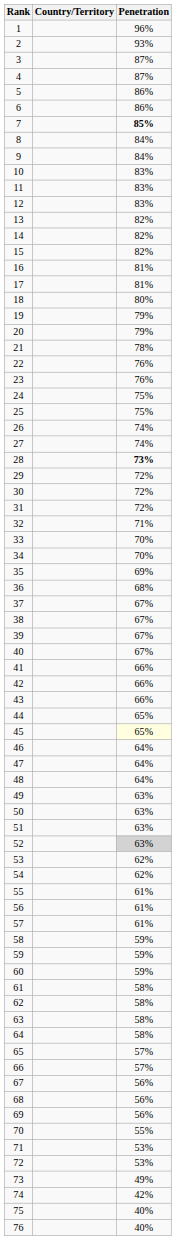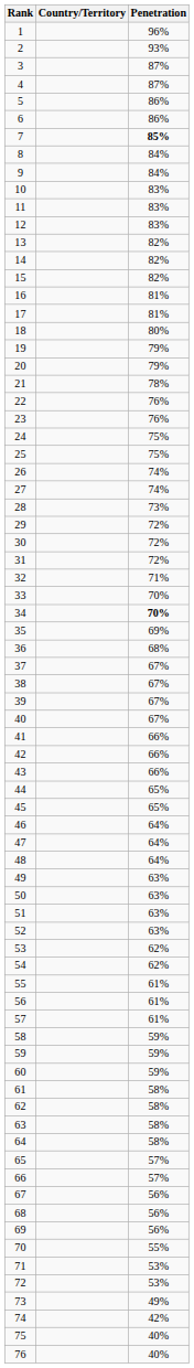 <table class="wikitable sortable" style="font-size: 100%; text-align: center; width: 15%;">
 <tr>
 <th>Rank</th>
 <th>Country/Territory</th>
 <th>Penetration</th>
 </tr>
 <tr>
 <td>1</td>
 <td style="text-align: left"></td>
 <td>96%</td>
 </tr>
 <tr>
 <td>2</td>
 <td style="text-align: left"></td>
 <td>93%</td>
 </tr>
 <tr>
 <td>3</td>
 <td style="text-align: left"></td>
 <td>87%</td>
 </tr>
 <tr>
 <td>4</td>
 <td style="text-align: left"></td>
 <td>87%</td>
 </tr>
 <tr>
 <td>5</td>
 <td style="text-align: left"></td>
 <td>86%</td>
 </tr>
 <tr>
 <td>6</td>
 <td style="text-align: left"></td>
 <td>86%</td>
 </tr>
 <tr>
 <td>7</td>
 <td style="text-align: left"></td>
 <td><strong>85%</strong></td>
 </tr>
 <tr>
 <td>8</td>
 <td style="text-align: left"></td>
 <td>84%</td>
 </tr>
 <tr>
 <td>9</td>
 <td style="text-align: left"></td>
 <td>84%</td>
 </tr>
 <tr>
 <td>10</td>
 <td style="text-align: left"></td>
 <td>83%</td>
 </tr>
 <tr>
 <td>11</td>
 <td style="text-align: left"></td>
 <td>83%</td>
 </tr>
 <tr>
 <td>12</td>
 <td style="text-align: left"></td>
 <td>83%</td>
 </tr>
 <tr>
 <td>13</td>
 <td style="text-align: left"></td>
 <td>82%</td>
 </tr>
 <tr>
 <td>14</td>
 <td style="text-align: left"></td>
 <td>82%</td>
 </tr>
 <tr>
 <td>15</td>
 <td style="text-align: left"></td>
 <td>82%</td>
 </tr>
 <tr>
 <td>16</td>
 <td style="text-align: left"></td>
 <td>81%</td>
 </tr>
 <tr>
 <td>17</td>
 <td style="text-align: left"></td>
 <td>81%</td>
 </tr>
 <tr>
 <td>18</td>
 <td style="text-align: left"></td>
 <td>80%</td>
 </tr>
 <tr>
 <td>19</td>
 <td style="text-align: left"></td>
 <td>79%</td>
 </tr>
 <tr>
 <td>20</td>
 <td style="text-align: left"></td>
 <td>79%</td>
 </tr>
 <tr>
 <td>21</td>
 <td style="text-align: left"></td>
 <td>78%</td>
 </tr>
 <tr>
 <td>22</td>
 <td style="text-align: left"></td>
 <td>76%</td>
 </tr>
 <tr>
 <td>23</td>
 <td style="text-align: left"></td>
 <td>76%</td>
 </tr>
 <tr>
 <td>24</td>
 <td style="text-align: left"></td>
 <td>75%</td>
 </tr>
 <tr>
 <td>25</td>
 <td style="text-align: left"></td>
 <td>75%</td>
 </tr>
 <tr>
 <td>26</td>
 <td style="text-align: left"></td>
 <td>74%</td>
 </tr>
 <tr>
 <td>27</td>
 <td style="text-align: left"></td>
 <td>74%</td>
 </tr>
 <tr>
 <td>28</td>
 <td style="text-align: left"></td>
-<td><strong>73%</strong></td>
+<td>73%</td>
 </tr>
 <tr>
 <td>29</td>
 <td style="text-align: left"></td>
 <td>72%</td>
 </tr>
 <tr>
 <td>30</td>
 <td style="text-align: left"></td>
 <td>72%</td>
 </tr>
 <tr>
 <td>31</td>
 <td style="text-align: left"></td>
 <td>72%</td>
 </tr>
 <tr>
 <td>32</td>
 <td style="text-align: left"></td>
 <td>71%</td>
 </tr>
 <tr>
 <td>33</td>
 <td style="text-align: left"></td>
 <td>70%</td>
 </tr>
 <tr>
 <td>34</td>
 <td style="text-align: left"></td>
-<td>70%</td>
+<td><strong>70%</strong></td>
 </tr>
 <tr>
 <td>35</td>
 <td style="text-align: left"></td>
 <td>69%</td>
 </tr>
 <tr>
 <td>36</td>
 <td style="text-align: left"></td>
 <td>68%</td>
 </tr>
 <tr>
 <td>37</td>
 <td style="text-align: left"></td>
 <td>67%</td>
 </tr>
 <tr>
 <td>38</td>
 <td style="text-align: left"></td>
 <td>67%</td>
 </tr>
 <tr>
 <td>39</td>
 <td style="text-align: left"></td>
 <td>67%</td>
 </tr>
 <tr>
 <td>40</td>
 <td style="text-align: left"></td>
 <td>67%</td>
 </tr>
 <tr>
 <td>41</td>
 <td style="text-align: left"></td>
 <td>66%</td>
 </tr>
 <tr>
 <td>42</td>
 <td style="text-align: left"></td>
 <td>66%</td>
 </tr>
 <tr>
 <td>43</td>
 <td style="text-align: left"></td>
 <td>66%</td>
 </tr>
 <tr>
 <td>44</td>
 <td style="text-align: left"></td>
 <td>65%</td>
 </tr>
 <tr>
 <td>45</td>
 <td style="text-align: left"></td>
-<td style="background: lightyellow;">65%</td>
+<td>65%</td>
 </tr>
 <tr>
 <td>46</td>
 <td style="text-align: left"></td>
 <td>64%</td>
 </tr>
 <tr>
 <td>47</td>
 <td style="text-align: left"></td>
 <td>64%</td>
 </tr>
 <tr>
 <td>48</td>
 <td style="text-align: left"></td>
 <td>64%</td>
 </tr>
 <tr>
 <td>49</td>
 <td style="text-align: left"></td>
 <td>63%</td>
 </tr>
 <tr>
 <td>50</td>
 <td style="text-align: left"></td>
 <td>63%</td>
 </tr>
 <tr>
 <td>51</td>
 <td style="text-align: left"></td>
 <td>63%</td>
 </tr>
 <tr>
 <td>52</td>
 <td style="text-align: left"></td>
-<td style="background: lightgrey;">63%</td>
+<td>63%</td>
 </tr>
 <tr>
 <td>53</td>
 <td style="text-align: left"></td>
 <td>62%</td>
 </tr>
 <tr>
 <td>54</td>
 <td style="text-align: left"></td>
 <td>62%</td>
 </tr>
 <tr>
 <td>55</td>
 <td style="text-align: left"></td>
 <td>61%</td>
 </tr>
 <tr>
 <td>56</td>
 <td style="text-align: left"></td>
 <td>61%</td>
 </tr>
 <tr>
 <td>57</td>
 <td style="text-align: left"></td>
 <td>61%</td>
 </tr>
 <tr>
 <td>58</td>
 <td style="text-align: left"></td>
 <td>59%</td>
 </tr>
 <tr>
 <td>59</td>
 <td style="text-align: left"></td>
 <td>59%</td>
 </tr>
 <tr>
 <td>60</td>
 <td style="text-align: left"></td>
 <td>59%</td>
 </tr>
 <tr>
 <td>61</td>
 <td style="text-align: left"></td>
 <td>58%</td>
 </tr>
 <tr>
 <td>62</td>
 <td style="text-align: left"></td>
 <td>58%</td>
 </tr>
 <tr>
 <td>63</td>
 <td style="text-align: left"></td>
 <td>58%</td>
 </tr>
 <tr>
 <td>64</td>
 <td style="text-align: left"></td>
 <td>58%</td>
 </tr>
 <tr>
 <td>65</td>
 <td style="text-align: left"></td>
 <td>57%</td>
 </tr>
 <tr>
 <td>66</td>
 <td style="text-align: left"></td>
 <td>57%</td>
 </tr>
 <tr>
 <td>67</td>
 <td style="text-align: left"></td>
 <td>56%</td>
 </tr>
 <tr>
 <td>68</td>
 <td style="text-align: left"></td>
 <td>56%</td>
 </tr>
 <tr>
 <td>69</td>
 <td style="text-align: left"></td>
 <td>56%</td>
 </tr>
 <tr>
 <td>70</td>
 <td style="text-align: left"></td>
 <td>55%</td>
 </tr>
 <tr>
 <td>71</td>
 <td style="text-align: left"></td>
 <td>53%</td>
 </tr>
 <tr>
 <td>72</td>
 <td style="text-align: left"></td>
 <td>53%</td>
 </tr>
 <tr>
 <td>73</td>
 <td style="text-align: left"></td>
 <td>49%</td>
 </tr>
 <tr>
 <td>74</td>
 <td style="text-align: left"></td>
 <td>42%</td>
 </tr>
 <tr>
 <td>75</td>
 <td style="text-align: left"></td>
 <td>40%</td>
 </tr>
 <tr>
 <td>76</td>
 <td style="text-align: left"></td>
 <td>40%</td>
 </tr>
 </table>
